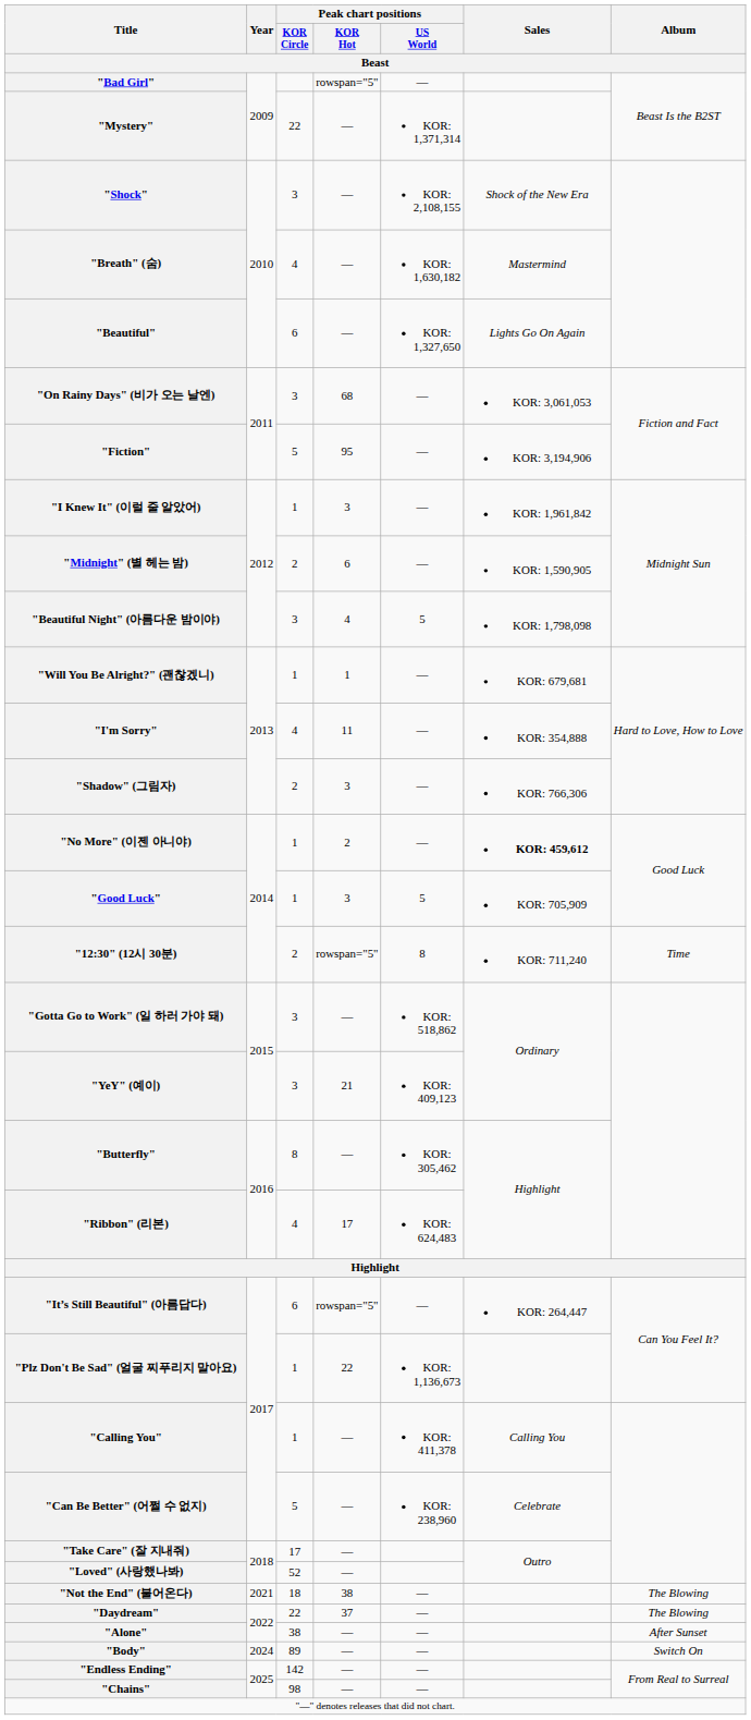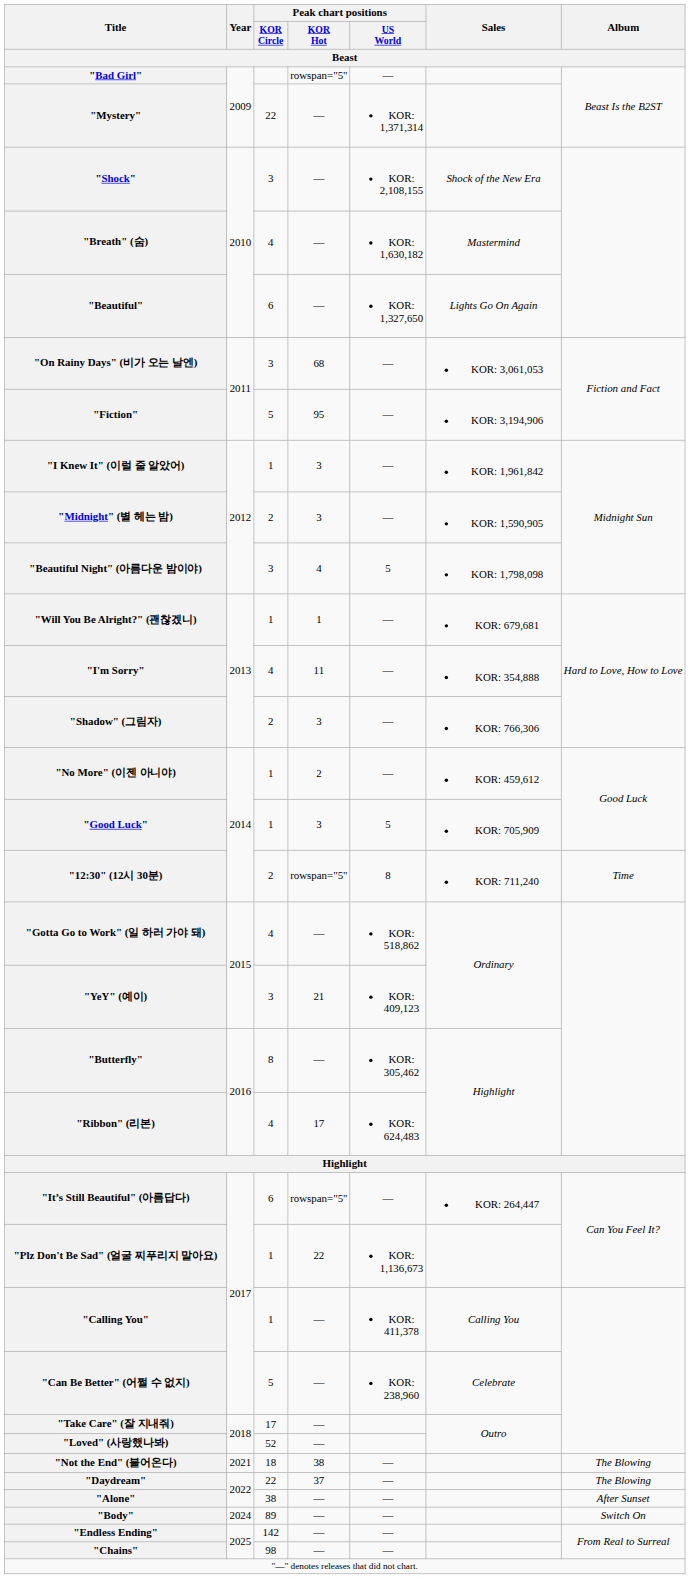 <table class="wikitable plainrowheaders" style="text-align:center;">
 <tr>
 <th rowspan="2" scope="col" style="width:20em;">Title</th>
 <th rowspan="2" scope="col">Year</th>
 <th colspan="3" scope="col">Peak chart positions</th>
 <th rowspan="2" scope="col" style="width:12em;">Sales</th>
 <th rowspan="2" scope="col">Album</th>
 </tr>
 <tr>
 <th scope="col" style="width:3em;font-size:90%;"><a href='#'>KOR<br>Circle</a><br></th>
 <th scope="col" style="width:3em;font-size:90%;"><a href='#'>KOR<br>Hot</a><br></th>
 <th scope="col" style="width:3em;font-size:90%;"><a href='#'>US<br>World</a><br></th>
 </tr>
 <tr>
 <th colspan="10">Beast</th>
 </tr>
 <tr>
 <th scope="row">"<a href='#'>Bad Girl</a>"</th>
 <td rowspan="2">2009</td>
 <td></td>
 <td>rowspan="5" </td>
 <td>—</td>
 <td></td>
 <td rowspan="2"><em>Beast Is the B2ST</em></td>
 </tr>
 <tr>
 <th scope="row">"Mystery"</th>
 <td>22</td>
 <td>—</td>
 <td><br><ul><li>KOR: 1,371,314</li></ul></td>
 </tr>
 <tr>
 <th scope="row">"<a href='#'>Shock</a>"</th>
 <td rowspan="3">2010</td>
 <td>3</td>
 <td>—</td>
 <td><br><ul><li>KOR: 2,108,155</li></ul></td>
 <td rowspan="1"><em>Shock of the New Era</em></td>
 </tr>
 <tr>
 <th scope="row">"Breath" (숨)</th>
 <td>4</td>
 <td>—</td>
 <td><br><ul><li>KOR: 1,630,182</li></ul></td>
 <td><em>Mastermind</em></td>
 </tr>
 <tr>
 <th scope="row">"Beautiful"</th>
 <td>6</td>
 <td>—</td>
 <td><br><ul><li>KOR: 1,327,650</li></ul></td>
 <td><em>Lights Go On Again</em></td>
 </tr>
 <tr>
 <th scope="row">"On Rainy Days" (비가 오는 날엔)</th>
 <td rowspan="2">2011</td>
 <td>3</td>
 <td>68</td>
 <td>—</td>
 <td><br><ul><li>KOR: 3,061,053</li></ul></td>
 <td rowspan="2"><em>Fiction and Fact</em></td>
 </tr>
 <tr>
 <th scope="row">"Fiction"</th>
 <td>5</td>
 <td>95</td>
 <td>—</td>
 <td><br><ul><li>KOR: 3,194,906</li></ul></td>
 </tr>
 <tr>
 <th scope="row">"I Knew It" (이럴 줄 알았어)</th>
 <td rowspan="3">2012</td>
 <td>1</td>
 <td>3</td>
 <td>—</td>
 <td><br><ul><li>KOR: 1,961,842</li></ul></td>
 <td rowspan="3"><em>Midnight Sun</em></td>
 </tr>
 <tr>
 <th scope="row">"<a href='#'>Midnight</a>" (별 헤는 밤)</th>
 <td>2</td>
-<td>6</td>
+<td>3</td>
 <td>—</td>
 <td><br><ul><li>KOR: 1,590,905</li></ul></td>
 </tr>
 <tr>
 <th scope="row">"Beautiful Night" (아름다운 밤이야)</th>
 <td>3</td>
 <td>4</td>
 <td>5</td>
 <td><br><ul><li>KOR: 1,798,098</li></ul></td>
 </tr>
 <tr>
 <th scope="row">"Will You Be Alright?" (괜찮겠니)</th>
 <td rowspan="3">2013</td>
 <td>1</td>
 <td>1</td>
 <td>—</td>
 <td><br><ul><li>KOR: 679,681</li></ul></td>
 <td rowspan="3"><em>Hard to Love, How to Love</em></td>
 </tr>
 <tr>
 <th scope="row">"I'm Sorry"</th>
 <td>4</td>
 <td>11</td>
 <td>—</td>
 <td><br><ul><li>KOR: 354,888</li></ul></td>
 </tr>
 <tr>
 <th scope="row">"Shadow" (그림자)</th>
 <td>2</td>
 <td>3</td>
 <td>—</td>
 <td><br><ul><li>KOR: 766,306</li></ul></td>
 </tr>
 <tr>
 <th scope="row">"No More" (이젠 아니야)</th>
 <td rowspan="3">2014</td>
 <td>1</td>
 <td>2</td>
 <td>—</td>
-<td><strong><br><ul><li>KOR: 459,612</li></ul></strong></td>
+<td><br><ul><li>KOR: 459,612</li></ul></td>
 <td rowspan="2"><em>Good Luck</em></td>
 </tr>
 <tr>
 <th scope="row">"<a href='#'>Good Luck</a>"</th>
 <td>1</td>
 <td>3</td>
 <td>5</td>
 <td><br><ul><li>KOR: 705,909</li></ul></td>
 </tr>
 <tr>
 <th scope="row">"12:30" (12시 30분)</th>
 <td>2</td>
 <td>rowspan="5" </td>
 <td>8</td>
 <td><br><ul><li>KOR: 711,240</li></ul></td>
 <td><em>Time</em></td>
 </tr>
 <tr>
 <th scope="row">"Gotta Go to Work" (일 하러 가야 돼)</th>
 <td rowspan="2">2015</td>
-<td>3</td>
+<td>4</td>
 <td>—</td>
 <td><br><ul><li>KOR: 518,862</li></ul></td>
 <td rowspan="2"><em>Ordinary</em></td>
 </tr>
 <tr>
 <th scope="row">"YeY" (예이)</th>
 <td>3</td>
 <td>21</td>
 <td><br><ul><li>KOR: 409,123</li></ul></td>
 </tr>
 <tr>
 <th scope="row">"Butterfly"</th>
 <td rowspan="2">2016</td>
 <td>8</td>
 <td>—</td>
 <td><br><ul><li>KOR: 305,462</li></ul></td>
 <td rowspan="2"><em>Highlight</em></td>
 </tr>
 <tr>
 <th scope="row">"Ribbon" (리본)</th>
 <td>4</td>
 <td>17</td>
 <td><br><ul><li>KOR: 624,483</li></ul></td>
 </tr>
 <tr>
 <th colspan="10">Highlight</th>
 </tr>
 <tr>
 <th scope="row">"It’s Still Beautiful" (아름답다)</th>
 <td rowspan="4">2017</td>
 <td>6</td>
 <td>rowspan="5" </td>
 <td>—</td>
 <td><br><ul><li>KOR: 264,447</li></ul></td>
 <td rowspan="2"><em>Can You Feel It?</em></td>
 </tr>
 <tr>
 <th scope="row">"Plz Don't Be Sad" (얼굴 찌푸리지 말아요)</th>
 <td>1</td>
 <td>22</td>
 <td><br><ul><li>KOR: 1,136,673</li></ul></td>
 </tr>
 <tr>
 <th scope="row">"Calling You"</th>
 <td>1</td>
 <td>—</td>
 <td><br><ul><li>KOR: 411,378</li></ul></td>
 <td><em>Calling You</em></td>
 </tr>
 <tr>
 <th scope="row">"Can Be Better" (어쩔 수 없지)</th>
 <td>5</td>
 <td>—</td>
 <td><br><ul><li>KOR: 238,960</li></ul></td>
 <td><em>Celebrate</em></td>
 </tr>
 <tr>
 <th scope="row">"Take Care" (잘 지내줘)</th>
 <td rowspan="2">2018</td>
 <td>17</td>
 <td>—</td>
 <td></td>
 <td rowspan="2"><em>Outro</em></td>
 </tr>
 <tr>
 <th scope="row">"Loved" (사랑했나봐)</th>
 <td>52</td>
 <td>—</td>
 <td></td>
 </tr>
 <tr>
 <th scope="row">"Not the End" (불어온다)</th>
 <td>2021</td>
 <td>18</td>
 <td>38</td>
 <td>—</td>
 <td></td>
 <td><em>The Blowing</em></td>
 </tr>
 <tr>
 <th scope="row">"Daydream"</th>
 <td rowspan="2">2022</td>
 <td>22</td>
 <td>37</td>
 <td>—</td>
 <td></td>
 <td><em>The Blowing</em></td>
 </tr>
 <tr>
 <th scope="row">"Alone"</th>
 <td>38</td>
 <td>—</td>
 <td>—</td>
 <td></td>
 <td><em>After Sunset</em></td>
 </tr>
 <tr>
 <th scope="row">"Body"</th>
 <td>2024</td>
 <td>89</td>
 <td>—</td>
 <td>—</td>
 <td></td>
 <td><em>Switch On</em></td>
 </tr>
 <tr>
 <th scope="row">"Endless Ending"</th>
 <td rowspan="2">2025</td>
 <td>142</td>
 <td>—</td>
 <td>—</td>
 <td></td>
 <td rowspan="2"><em>From Real to Surreal</em></td>
 </tr>
 <tr>
 <th scope="row">"Chains"</th>
 <td>98</td>
 <td>—</td>
 <td>—</td>
 <td></td>
 </tr>
 <tr>
 <td colspan="7" style="font-size:85%">"—" denotes releases that did not chart.</td>
 </tr>
 </table>
